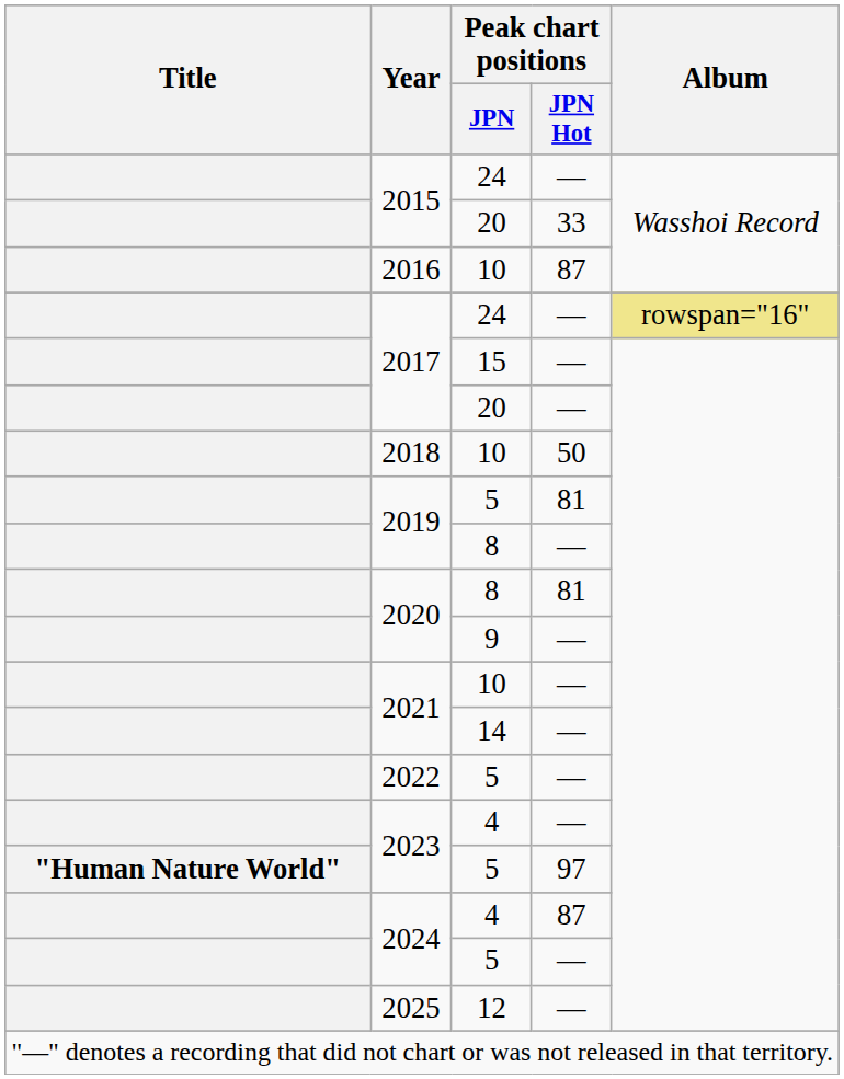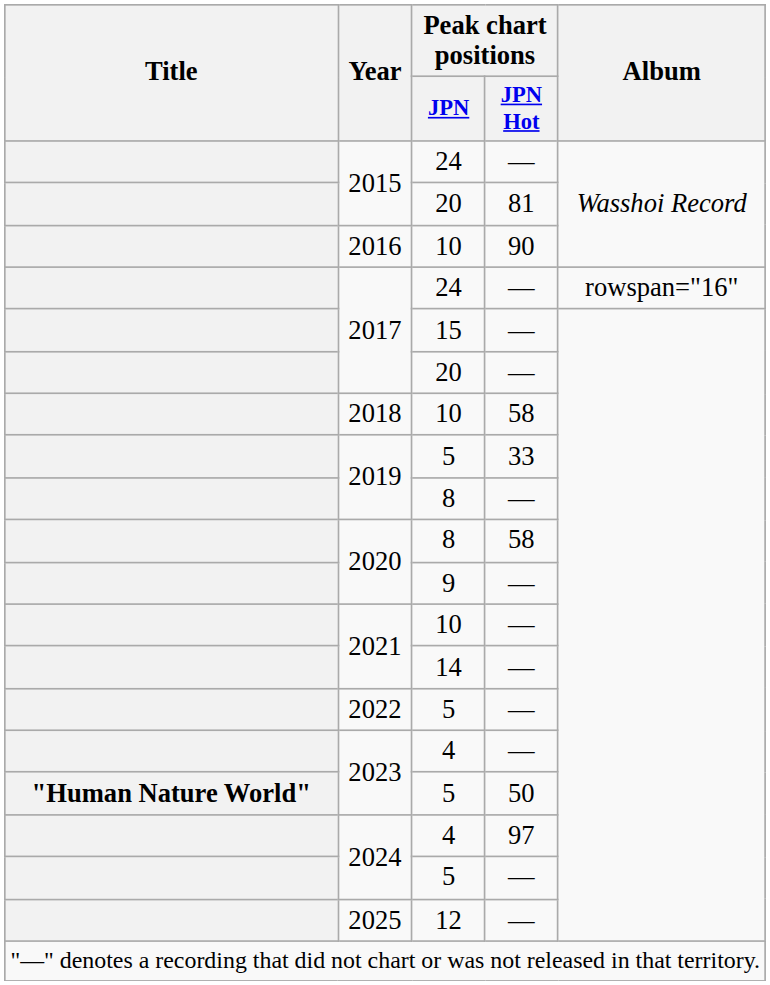 <table class="wikitable plainrowheaders" style="text-align:center;">
 <tr>
 <th scope="col" rowspan="2">Title</th>
 <th scope="col" rowspan="2">Year</th>
 <th scope="col" colspan="2">Peak chart positions</th>
 <th scope="col" rowspan="2">Album</th>
 </tr>
 <tr>
 <th scope="col" style="width:2.75em;font-size:85%;"><a href='#'>JPN</a><br></th>
 <th scope="col" style="width:2.75em;font-size:85%;"><a href='#'>JPN<br>Hot</a><br></th>
 </tr>
 <tr>
 <th scope="row"></th>
 <td rowspan="2">2015</td>
 <td>24</td>
 <td>—</td>
 <td rowspan="3"><em>Wasshoi Record</em></td>
 </tr>
 <tr>
 <th scope="row"></th>
 <td>20</td>
-<td>33</td>
+<td>81</td>
 </tr>
 <tr>
 <th scope="row"></th>
 <td>2016</td>
 <td>10</td>
-<td>87</td>
+<td>90</td>
 </tr>
 <tr>
 <th scope="row"></th>
 <td rowspan="3">2017</td>
 <td>24</td>
 <td>—</td>
-<td style="background: khaki;">rowspan="16" </td>
+<td>rowspan="16" </td>
 </tr>
 <tr>
 <th scope="row"></th>
 <td>15</td>
 <td>—</td>
 </tr>
 <tr>
 <th scope="row"></th>
 <td>20</td>
 <td>—</td>
 </tr>
 <tr>
 <th scope="row"></th>
 <td>2018</td>
 <td>10</td>
-<td>50</td>
+<td>58</td>
 </tr>
 <tr>
 <th scope="row"></th>
 <td rowspan="2">2019</td>
 <td>5</td>
-<td>81</td>
+<td>33</td>
 </tr>
 <tr>
 <th scope="row"></th>
 <td>8</td>
 <td>—</td>
 </tr>
 <tr>
 <th scope="row"></th>
 <td rowspan="2">2020</td>
 <td>8</td>
-<td>81</td>
+<td>58</td>
 </tr>
 <tr>
 <th scope="row"></th>
 <td>9</td>
 <td>—</td>
 </tr>
 <tr>
 <th scope="row"></th>
 <td rowspan="2">2021</td>
 <td>10</td>
 <td>—</td>
 </tr>
 <tr>
 <th scope="row"></th>
 <td>14</td>
 <td>—</td>
 </tr>
 <tr>
 <th scope="row"></th>
 <td>2022</td>
 <td>5</td>
 <td>—</td>
 </tr>
 <tr>
 <th scope="row"></th>
 <td rowspan="2">2023</td>
 <td>4</td>
 <td>—</td>
 </tr>
 <tr>
 <th scope="row">"Human Nature World"</th>
 <td>5</td>
-<td>97</td>
+<td>50</td>
 </tr>
 <tr>
 <th scope="row"></th>
 <td rowspan="2">2024</td>
 <td>4</td>
-<td>87</td>
+<td>97</td>
 </tr>
 <tr>
 <th scope="row"></th>
 <td>5</td>
 <td>—</td>
 </tr>
 <tr>
 <th scope="row"></th>
 <td>2025</td>
 <td>12</td>
 <td>—</td>
 </tr>
 <tr>
 <td align="center" colspan="6" style="font-size:90%">"—" denotes a recording that did not chart or was not released in that territory.</td>
 </tr>
 </table>
